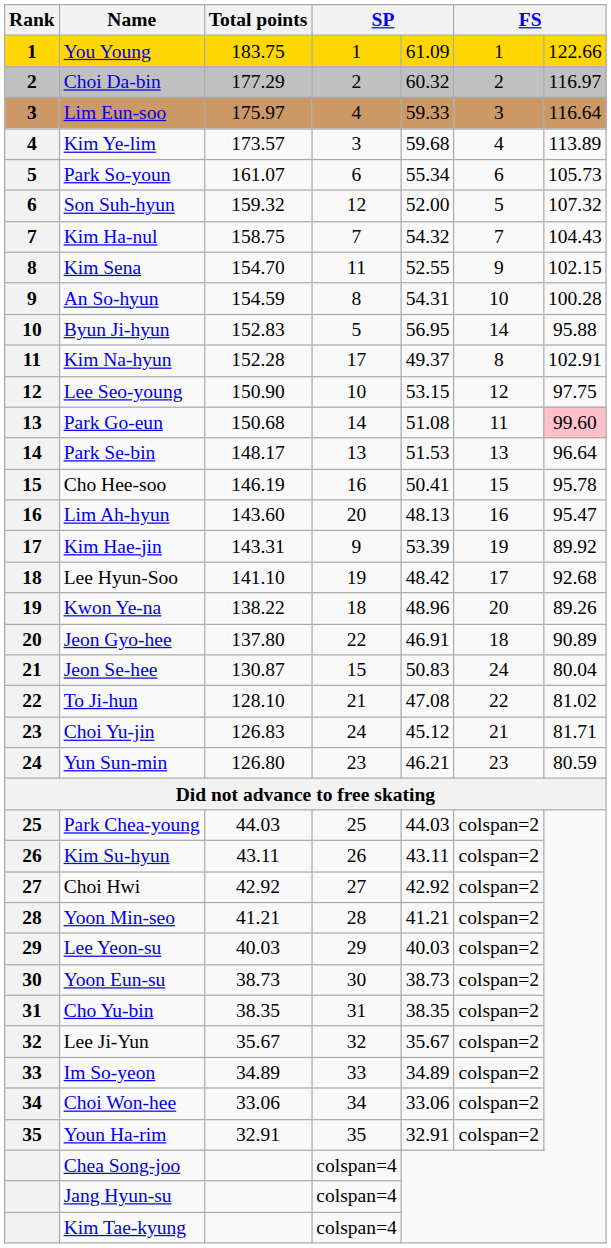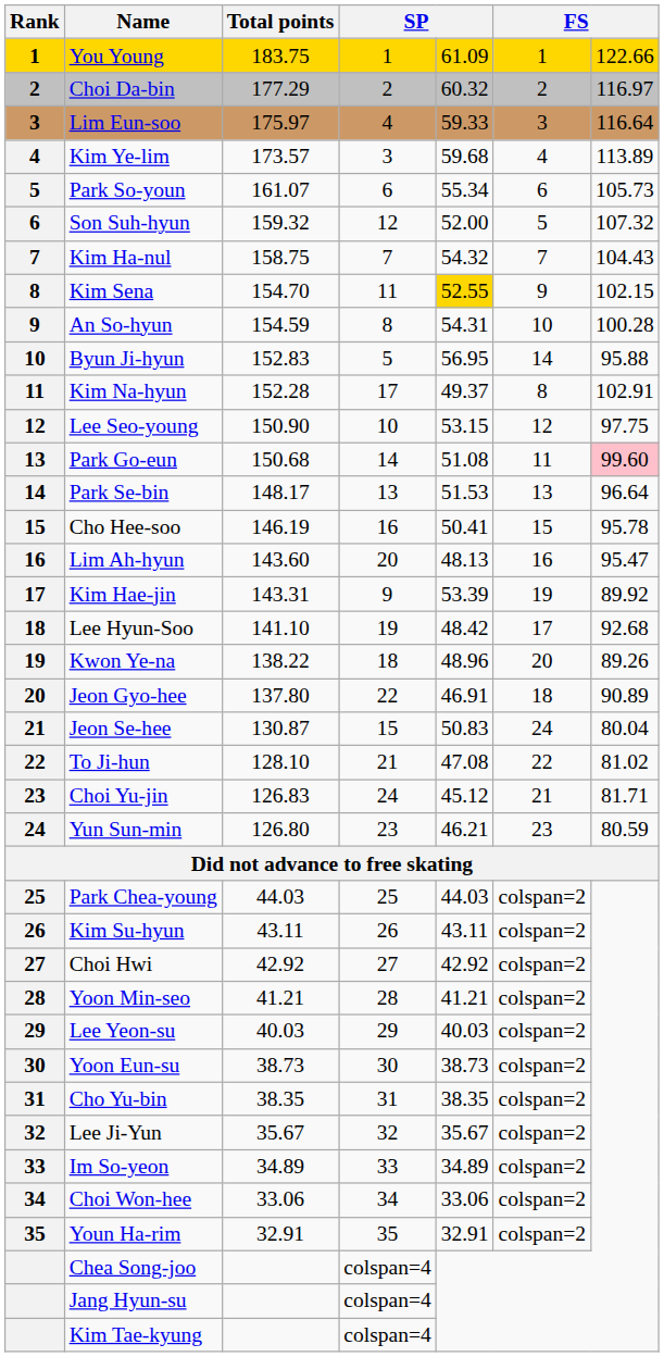 <table class="wikitable sortable">
 <tr>
 <th>Rank</th>
 <th>Name</th>
 <th>Total points</th>
 <th colspan="2" width="80px"><a href='#'>SP</a></th>
 <th colspan="2" width="80px"><a href='#'>FS</a></th>
 </tr>
 <tr bgcolor="gold">
 <td align="center"><strong>1</strong></td>
 <td><a href='#'>You Young</a></td>
 <td align="center">183.75</td>
 <td align="center">1</td>
 <td align="center">61.09</td>
 <td align="center">1</td>
 <td align="center">122.66</td>
 </tr>
 <tr bgcolor="silver">
 <td align="center"><strong>2</strong></td>
 <td><a href='#'>Choi Da-bin</a></td>
 <td align="center">177.29</td>
 <td align="center">2</td>
 <td align="center">60.32</td>
 <td align="center">2</td>
 <td align="center">116.97</td>
 </tr>
 <tr bgcolor="cc9966">
 <td align="center"><strong>3</strong></td>
 <td><a href='#'>Lim Eun-soo</a></td>
 <td align="center">175.97</td>
 <td align="center">4</td>
 <td align="center">59.33</td>
 <td align="center">3</td>
 <td align="center">116.64</td>
 </tr>
 <tr>
 <th>4</th>
 <td><a href='#'>Kim Ye-lim</a></td>
 <td align="center">173.57</td>
 <td align="center">3</td>
 <td align="center">59.68</td>
 <td align="center">4</td>
 <td align="center">113.89</td>
 </tr>
 <tr>
 <th>5</th>
 <td><a href='#'>Park So-youn</a></td>
 <td align="center">161.07</td>
 <td align="center">6</td>
 <td align="center">55.34</td>
 <td align="center">6</td>
 <td align="center">105.73</td>
 </tr>
 <tr>
 <th>6</th>
 <td><a href='#'>Son Suh-hyun</a></td>
 <td align="center">159.32</td>
 <td align="center">12</td>
 <td align="center">52.00</td>
 <td align="center">5</td>
 <td align="center">107.32</td>
 </tr>
 <tr>
 <th>7</th>
 <td><a href='#'>Kim Ha-nul</a></td>
 <td align="center">158.75</td>
 <td align="center">7</td>
 <td align="center">54.32</td>
 <td align="center">7</td>
 <td align="center">104.43</td>
 </tr>
 <tr>
 <th>8</th>
 <td><a href='#'>Kim Sena</a></td>
 <td align="center">154.70</td>
 <td align="center">11</td>
-<td align="center">52.55</td>
+<td align="center" style="background: gold;">52.55</td>
 <td align="center">9</td>
 <td align="center">102.15</td>
 </tr>
 <tr>
 <th>9</th>
 <td><a href='#'>An So-hyun</a></td>
 <td align="center">154.59</td>
 <td align="center">8</td>
 <td align="center">54.31</td>
 <td align="center">10</td>
 <td align="center">100.28</td>
 </tr>
 <tr>
 <th>10</th>
 <td><a href='#'>Byun Ji-hyun</a></td>
 <td align="center">152.83</td>
 <td align="center">5</td>
 <td align="center">56.95</td>
 <td align="center">14</td>
 <td align="center">95.88</td>
 </tr>
 <tr>
 <th>11</th>
 <td><a href='#'>Kim Na-hyun</a></td>
 <td align="center">152.28</td>
 <td align="center">17</td>
 <td align="center">49.37</td>
 <td align="center">8</td>
 <td align="center">102.91</td>
 </tr>
 <tr>
 <th>12</th>
 <td><a href='#'>Lee Seo-young</a></td>
 <td align="center">150.90</td>
 <td align="center">10</td>
 <td align="center">53.15</td>
 <td align="center">12</td>
 <td align="center">97.75</td>
 </tr>
 <tr>
 <th>13</th>
 <td><a href='#'>Park Go-eun</a></td>
 <td align="center">150.68</td>
 <td align="center">14</td>
 <td align="center">51.08</td>
 <td align="center">11</td>
 <td align="center" style="background: pink;">99.60</td>
 </tr>
 <tr>
 <th>14</th>
 <td><a href='#'>Park Se-bin</a></td>
 <td align="center">148.17</td>
 <td align="center">13</td>
 <td align="center">51.53</td>
 <td align="center">13</td>
 <td align="center">96.64</td>
 </tr>
 <tr>
 <th>15</th>
 <td>Cho Hee-soo</td>
 <td align="center">146.19</td>
 <td align="center">16</td>
 <td align="center">50.41</td>
 <td align="center">15</td>
 <td align="center">95.78</td>
 </tr>
 <tr>
 <th>16</th>
 <td><a href='#'>Lim Ah-hyun</a></td>
 <td align="center">143.60</td>
 <td align="center">20</td>
 <td align="center">48.13</td>
 <td align="center">16</td>
 <td align="center">95.47</td>
 </tr>
 <tr>
 <th>17</th>
 <td><a href='#'>Kim Hae-jin</a></td>
 <td align="center">143.31</td>
 <td align="center">9</td>
 <td align="center">53.39</td>
 <td align="center">19</td>
 <td align="center">89.92</td>
 </tr>
 <tr>
 <th>18</th>
 <td>Lee Hyun-Soo</td>
 <td align="center">141.10</td>
 <td align="center">19</td>
 <td align="center">48.42</td>
 <td align="center">17</td>
 <td align="center">92.68</td>
 </tr>
 <tr>
 <th>19</th>
 <td><a href='#'>Kwon Ye-na</a></td>
 <td align="center">138.22</td>
 <td align="center">18</td>
 <td align="center">48.96</td>
 <td align="center">20</td>
 <td align="center">89.26</td>
 </tr>
 <tr>
 <th>20</th>
 <td><a href='#'>Jeon Gyo-hee</a></td>
 <td align="center">137.80</td>
 <td align="center">22</td>
 <td align="center">46.91</td>
 <td align="center">18</td>
 <td align="center">90.89</td>
 </tr>
 <tr>
 <th>21</th>
 <td><a href='#'>Jeon Se-hee</a></td>
 <td align="center">130.87</td>
 <td align="center">15</td>
 <td align="center">50.83</td>
 <td align="center">24</td>
 <td align="center">80.04</td>
 </tr>
 <tr>
 <th>22</th>
 <td><a href='#'>To Ji-hun</a></td>
 <td align="center">128.10</td>
 <td align="center">21</td>
 <td align="center">47.08</td>
 <td align="center">22</td>
 <td align="center">81.02</td>
 </tr>
 <tr>
 <th>23</th>
 <td><a href='#'>Choi Yu-jin</a></td>
 <td align="center">126.83</td>
 <td align="center">24</td>
 <td align="center">45.12</td>
 <td align="center">21</td>
 <td align="center">81.71</td>
 </tr>
 <tr>
 <th>24</th>
 <td><a href='#'>Yun Sun-min</a></td>
 <td align="center">126.80</td>
 <td align="center">23</td>
 <td align="center">46.21</td>
 <td align="center">23</td>
 <td align="center">80.59</td>
 </tr>
 <tr>
 <th colspan=7>Did not advance to free skating</th>
 </tr>
 <tr>
 <th>25</th>
 <td><a href='#'>Park Chea-young</a></td>
 <td align="center">44.03</td>
 <td align="center">25</td>
 <td align="center">44.03</td>
 <td>colspan=2 </td>
 </tr>
 <tr>
 <th>26</th>
 <td><a href='#'>Kim Su-hyun</a></td>
 <td align="center">43.11</td>
 <td align="center">26</td>
 <td align="center">43.11</td>
 <td>colspan=2 </td>
 </tr>
 <tr>
 <th>27</th>
 <td>Choi Hwi</td>
 <td align="center">42.92</td>
 <td align="center">27</td>
 <td align="center">42.92</td>
 <td>colspan=2 </td>
 </tr>
 <tr>
 <th>28</th>
 <td><a href='#'>Yoon Min-seo</a></td>
 <td align="center">41.21</td>
 <td align="center">28</td>
 <td align="center">41.21</td>
 <td>colspan=2 </td>
 </tr>
 <tr>
 <th>29</th>
 <td><a href='#'>Lee Yeon-su</a></td>
 <td align="center">40.03</td>
 <td align="center">29</td>
 <td align="center">40.03</td>
 <td>colspan=2 </td>
 </tr>
 <tr>
 <th>30</th>
 <td><a href='#'>Yoon Eun-su</a></td>
 <td align="center">38.73</td>
 <td align="center">30</td>
 <td align="center">38.73</td>
 <td>colspan=2 </td>
 </tr>
 <tr>
 <th>31</th>
 <td><a href='#'>Cho Yu-bin</a></td>
 <td align="center">38.35</td>
 <td align="center">31</td>
 <td align="center">38.35</td>
 <td>colspan=2 </td>
 </tr>
 <tr>
 <th>32</th>
 <td>Lee Ji-Yun</td>
 <td align="center">35.67</td>
 <td align="center">32</td>
 <td align="center">35.67</td>
 <td>colspan=2 </td>
 </tr>
 <tr>
 <th>33</th>
 <td><a href='#'>Im So-yeon</a></td>
 <td align="center">34.89</td>
 <td align="center">33</td>
 <td align="center">34.89</td>
 <td>colspan=2 </td>
 </tr>
 <tr>
 <th>34</th>
 <td><a href='#'>Choi Won-hee</a></td>
 <td align="center">33.06</td>
 <td align="center">34</td>
 <td align="center">33.06</td>
 <td>colspan=2 </td>
 </tr>
 <tr>
 <th>35</th>
 <td><a href='#'>Youn Ha-rim</a></td>
 <td align="center">32.91</td>
 <td align="center">35</td>
 <td align="center">32.91</td>
 <td>colspan=2 </td>
 </tr>
 <tr>
 <th></th>
 <td><a href='#'>Chea Song-joo</a></td>
 <td></td>
 <td>colspan=4 </td>
 </tr>
 <tr>
 <th></th>
 <td><a href='#'>Jang Hyun-su</a></td>
 <td></td>
 <td>colspan=4 </td>
 </tr>
 <tr>
 <th></th>
 <td><a href='#'>Kim Tae-kyung</a></td>
 <td></td>
 <td>colspan=4 </td>
 </tr>
 </table>
